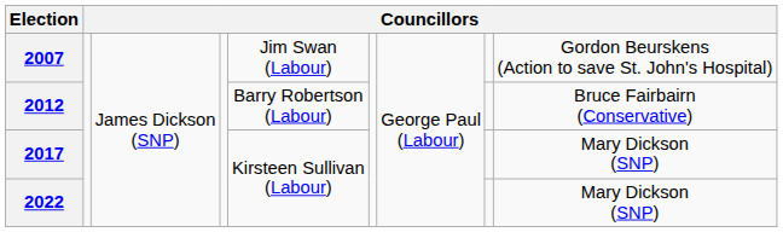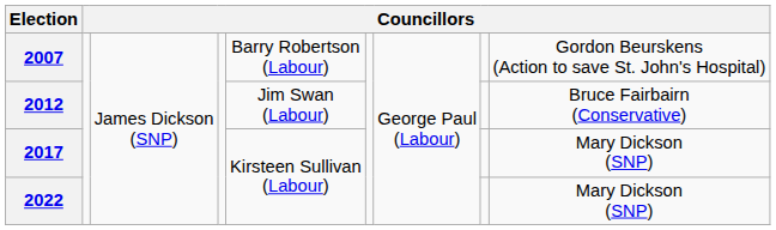 <table class="wikitable" style="text-align:center">
 <tr>
 <th>Election</th>
 <th colspan=8>Councillors</th>
 </tr>
 <tr>
 <th><a href='#'>2007</a></th>
 <td rowspan=4; style="background-color: "></td>
 <td rowspan=4>James Dickson<br>(<a href='#'>SNP</a>)</td>
 <td rowspan=4; style="background-color: "></td>
-<td>Jim Swan<br>(<a href='#'>Labour</a>)</td>
+<td>Barry Robertson<br>(<a href='#'>Labour</a>)</td>
 <td rowspan=4; style="background-color: "></td>
 <td rowspan=4>George Paul<br>(<a href='#'>Labour</a>)</td>
 <td rowspan=1; style="background-color: "></td>
 <td>Gordon Beurskens<br>(Action to save St. John's Hospital)</td>
 </tr>
 <tr>
 <th><a href='#'>2012</a></th>
-<td>Barry Robertson<br>(<a href='#'>Labour</a>)</td>
+<td>Jim Swan<br>(<a href='#'>Labour</a>)</td>
 <td rowspan=1; style="background-color: "></td>
 <td>Bruce Fairbairn<br>(<a href='#'>Conservative</a>)</td>
 </tr>
 <tr>
 <th><a href='#'>2017</a></th>
 <td rowspan="2">Kirsteen Sullivan<br>(<a href='#'>Labour</a>)</td>
 <td rowspan=1; style="background-color: "></td>
 <td>Mary Dickson<br>(<a href='#'>SNP</a>)</td>
 </tr>
 <tr>
 <th><a href='#'>2022</a></th>
 <td rowspan=1; style="background-color: "></td>
 <td>Mary Dickson<br>(<a href='#'>SNP</a>)</td>
 </tr>
 </table>
